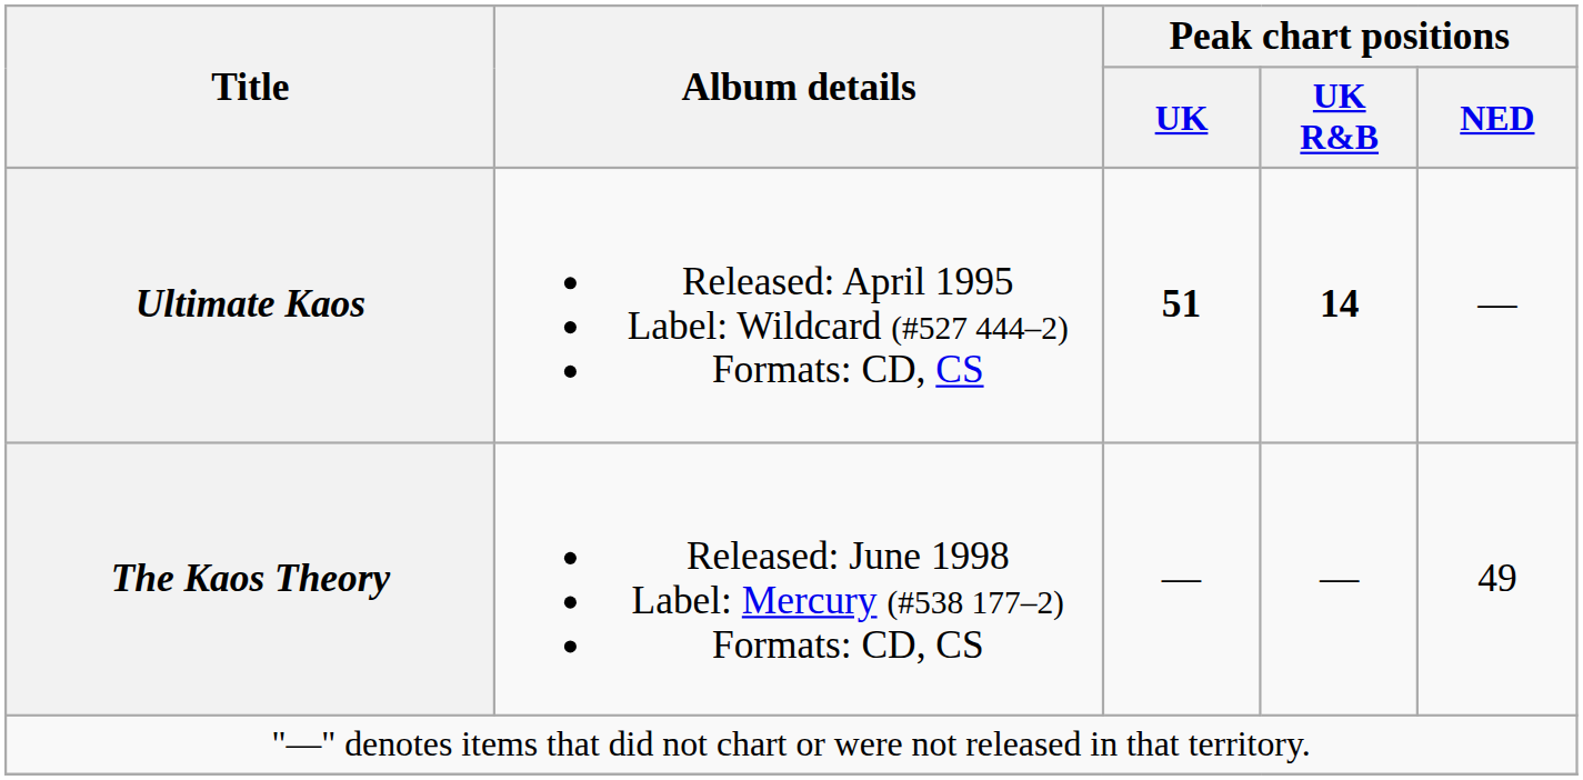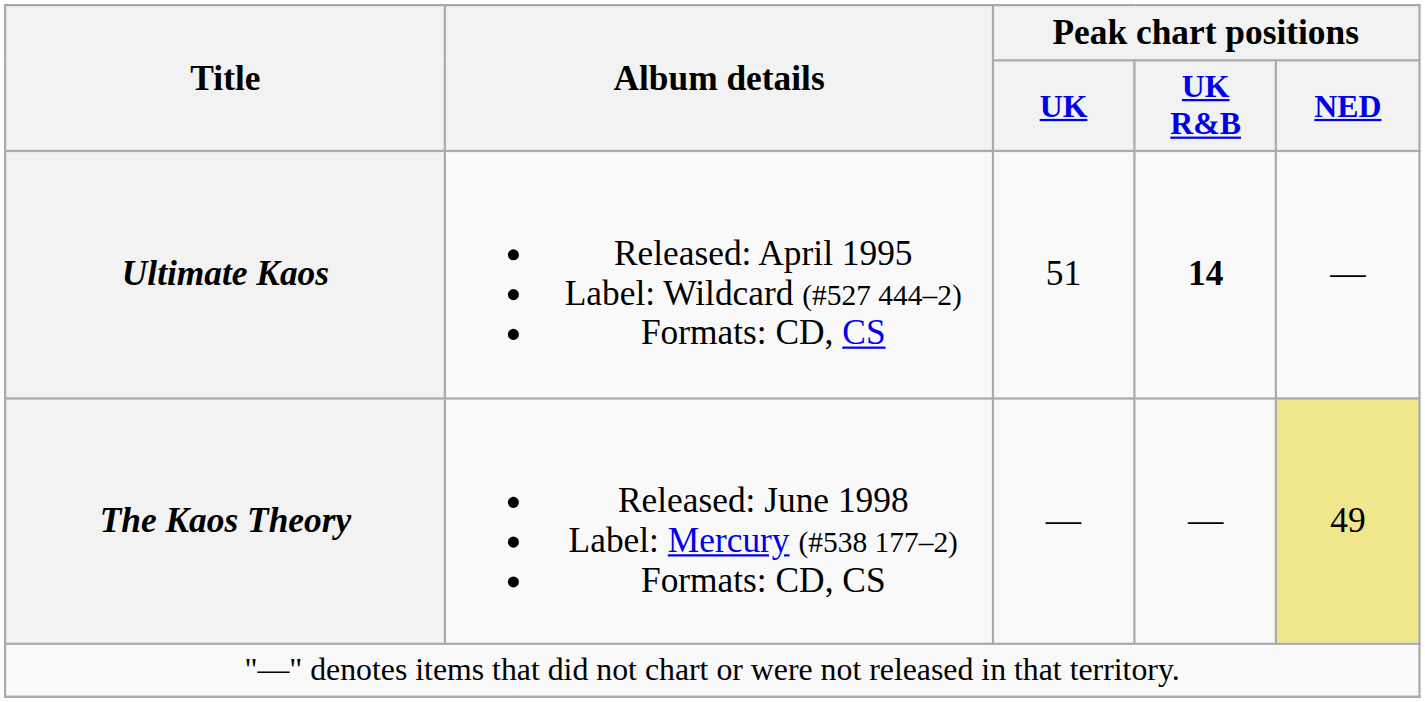 <table class="wikitable plainrowheaders" style="text-align:center;">
 <tr>
 <th scope="col" rowspan="2" style="width:12em;">Title</th>
 <th scope="col" rowspan="2" style="width:15em;">Album details</th>
 <th scope="col" colspan="3">Peak chart positions</th>
 </tr>
 <tr>
 <th style="width:4em;font-size:90%;"><a href='#'>UK</a><br></th>
 <th style="width:4em;font-size:90%;"><a href='#'>UK<br>R&B</a><br></th>
 <th style="width:4em;font-size:90%;"><a href='#'>NED</a><br></th>
 </tr>
 <tr>
 <th scope="row"><em>Ultimate Kaos</em></th>
 <td><br><ul><li>Released: April 1995</li><li>Label: Wildcard <small>(#527 444–2)</small></li><li>Formats: CD, <a href='#'>CS</a></li></ul></td>
-<td><strong>51</strong></td>
+<td>51</td>
 <td><strong>14</strong></td>
 <td>—</td>
 </tr>
 <tr>
 <th scope="row"><em>The Kaos Theory</em></th>
 <td><br><ul><li>Released: June 1998</li><li>Label: <a href='#'>Mercury</a> <small>(#538 177–2)</small></li><li>Formats: CD, CS</li></ul></td>
 <td>—</td>
 <td>—</td>
-<td>49</td>
+<td style="background: khaki;">49</td>
 </tr>
 <tr>
 <td align="center" colspan="15" style="font-size:90%">"—" denotes items that did not chart or were not released in that territory.</td>
 </tr>
 <tr>
 </tr>
 </table>
